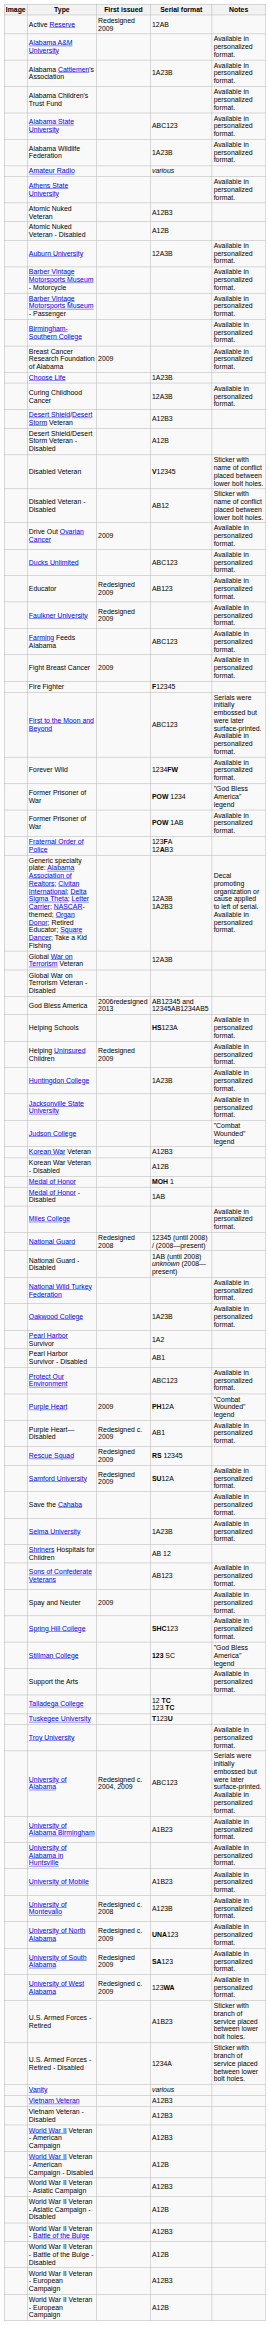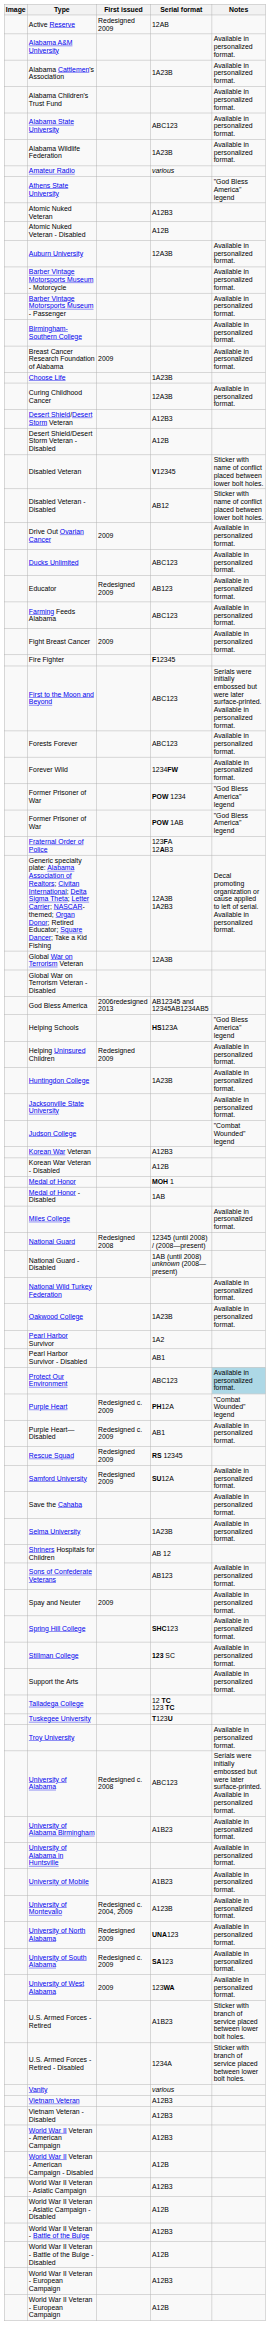 <table class="wikitable sortable">
 <tr>
 <th>Image</th>
 <th>Type</th>
 <th>First issued</th>
 <th>Serial format</th>
 <th>Notes</th>
 </tr>
 <tr>
 <td></td>
 <td>Active <a href='#'>Reserve</a></td>
 <td>Redesigned 2009</td>
 <td>12AB</td>
 <td></td>
 </tr>
 <tr>
 <td></td>
 <td><a href='#'>Alabama A&M University</a></td>
 <td></td>
 <td></td>
 <td>Available in personalized format.</td>
 </tr>
 <tr>
 <td></td>
 <td>Alabama <a href='#'>Cattlemen</a>'s Association</td>
 <td></td>
 <td>1A23B</td>
 <td>Available in personalized format.</td>
 </tr>
 <tr>
 <td></td>
 <td>Alabama Children's Trust Fund</td>
 <td></td>
 <td></td>
 <td>Available in personalized format.</td>
 </tr>
 <tr>
 <td></td>
 <td><a href='#'>Alabama State University</a></td>
 <td></td>
 <td>ABC123</td>
 <td>Available in personalized format.</td>
 </tr>
 <tr>
 <td></td>
 <td>Alabama Wildlife Federation</td>
 <td></td>
 <td>1A23B</td>
 <td>Available in personalized format.</td>
 </tr>
 <tr>
 <td></td>
 <td><a href='#'>Amateur Radio</a></td>
 <td></td>
 <td><em>various</em></td>
 <td></td>
 </tr>
 <tr>
 <td></td>
 <td><a href='#'>Athens State University</a></td>
 <td></td>
 <td></td>
-<td>Available in personalized format.</td>
+<td>"God Bless America" legend</td>
 </tr>
 <tr>
 <td></td>
 <td>Atomic Nuked Veteran</td>
 <td></td>
 <td>A12B3</td>
 <td></td>
 </tr>
 <tr>
 <td></td>
 <td>Atomic Nuked Veteran - Disabled</td>
 <td></td>
 <td>A12B</td>
 <td></td>
 </tr>
 <tr>
 <td></td>
 <td><a href='#'>Auburn University</a></td>
 <td></td>
 <td>12A3B</td>
 <td>Available in personalized format.</td>
 </tr>
 <tr>
 <td></td>
 <td><a href='#'>Barber Vintage Motorsports Museum</a> - Motorcycle</td>
 <td></td>
 <td></td>
 <td>Available in personalized format.</td>
 </tr>
 <tr>
 <td></td>
 <td><a href='#'>Barber Vintage Motorsports Museum</a> - Passenger</td>
 <td></td>
 <td></td>
 <td>Available in personalized format.</td>
 </tr>
 <tr>
 <td></td>
 <td><a href='#'>Birmingham-Southern College</a></td>
 <td></td>
 <td></td>
 <td>Available in personalized format.</td>
 </tr>
 <tr>
 <td></td>
 <td>Breast Cancer Research Foundation of Alabama</td>
 <td>2009</td>
 <td></td>
 <td>Available in personalized format.</td>
 </tr>
 <tr>
 <td></td>
 <td><a href='#'>Choose Life</a></td>
 <td></td>
 <td>1A23B</td>
 <td></td>
 </tr>
 <tr>
 <td></td>
 <td>Curing Childhood Cancer</td>
 <td></td>
 <td>12A3B</td>
 <td>Available in personalized format.</td>
 </tr>
 <tr>
 <td></td>
 <td><a href='#'>Desert Shield</a>/<a href='#'>Desert Storm</a> Veteran</td>
 <td></td>
 <td>A12B3</td>
 <td></td>
 </tr>
 <tr>
 <td></td>
 <td>Desert Shield/Desert Storm Veteran - Disabled</td>
 <td></td>
 <td>A12B</td>
 <td></td>
 </tr>
 <tr>
 <td></td>
 <td>Disabled Veteran</td>
 <td></td>
 <td><strong>V</strong>12345</td>
 <td>Sticker with name of conflict placed between lower bolt holes.</td>
 </tr>
 <tr>
 <td></td>
 <td>Disabled Veteran - Disabled</td>
 <td></td>
 <td>AB12</td>
 <td>Sticker with name of conflict placed between lower bolt holes.</td>
 </tr>
 <tr>
 <td></td>
 <td>Drive Out <a href='#'>Ovarian Cancer</a></td>
 <td>2009</td>
 <td></td>
 <td>Available in personalized format.</td>
 </tr>
 <tr>
 <td></td>
 <td><a href='#'>Ducks Unlimited</a></td>
 <td></td>
 <td>ABC123</td>
 <td>Available in personalized format.</td>
 </tr>
 <tr>
 <td><br></td>
 <td>Educator</td>
 <td>Redesigned 2009</td>
 <td>AB123</td>
 <td>Available in personalized format.</td>
 </tr>
 <tr>
 <td></td>
-<td><a href='#'>Faulkner University</a></td>
-<td>Redesigned 2009</td>
-<td></td>
-<td>Available in personalized format.</td>
-</tr>
-<tr>
-<td></td>
 <td><a href='#'>Farming</a> Feeds Alabama</td>
 <td></td>
 <td>ABC123</td>
 <td>Available in personalized format.</td>
 </tr>
 <tr>
 <td></td>
 <td>Fight Breast Cancer</td>
 <td>2009</td>
 <td></td>
 <td>Available in personalized format.</td>
 </tr>
 <tr>
 <td></td>
 <td>Fire Fighter</td>
 <td></td>
 <td><strong>F</strong>12345</td>
 <td></td>
 </tr>
 <tr>
 <td></td>
 <td><a href='#'>First to the Moon and Beyond</a></td>
 <td></td>
 <td>ABC123</td>
 <td>Serials were initially embossed but were later surface-printed. Available in personalized format.</td>
 </tr>
 <tr>
 <td></td>
+<td>Forests Forever</td>
+<td></td>
+<td>ABC123</td>
+<td>Available in personalized format.</td>
+</tr>
+<tr>
+<td></td>
 <td>Forever Wild</td>
 <td></td>
 <td>1234<strong>FW</strong></td>
 <td>Available in personalized format.</td>
 </tr>
 <tr>
 <td></td>
 <td>Former Prisoner of War</td>
 <td></td>
 <td><strong>POW</strong> 1234</td>
 <td>"God Bless America" legend</td>
 </tr>
 <tr>
 <td></td>
 <td>Former Prisoner of War</td>
 <td></td>
 <td><strong>POW</strong> 1AB</td>
-<td>Available in personalized format.</td>
+<td>"God Bless America" legend</td>
 </tr>
 <tr>
 <td></td>
 <td><a href='#'>Fraternal Order of Police</a></td>
 <td></td>
 <td>123<strong>F</strong>A<br>12<strong>A</strong>B3</td>
 <td></td>
 </tr>
 <tr>
 <td></td>
 <td>Generic specialty plate: <a href='#'>Alabama Association of Realtors</a>; <a href='#'>Civitan International</a>; <a href='#'>Delta Sigma Theta</a>; <a href='#'>Letter Carrier</a>; <a href='#'>NASCAR</a>-themed; <a href='#'>Organ Donor</a>; Retired Educator; <a href='#'>Square Dancer</a>; Take a Kid Fishing</td>
 <td></td>
 <td>12A3B<br>1A2B3</td>
 <td>Decal promoting organization or cause applied to left of serial. Available in personalized format.</td>
 </tr>
 <tr>
 <td></td>
 <td>Global <a href='#'>War on Terrorism</a> Veteran</td>
 <td></td>
 <td>12A3B</td>
 <td></td>
 </tr>
 <tr>
 <td></td>
 <td>Global War on Terrorism Veteran - Disabled</td>
 <td></td>
 <td></td>
 <td></td>
 </tr>
 <tr>
 <td></td>
 <td>God Bless America</td>
 <td>2006redesigned 2013</td>
 <td>AB12345 and 12345AB1234AB5</td>
 <td></td>
 </tr>
 <tr>
 <td></td>
 <td>Helping Schools</td>
 <td></td>
 <td><strong>HS</strong>123A</td>
-<td>Available in personalized format.</td>
+<td>"God Bless America" legend</td>
 </tr>
 <tr>
 <td></td>
 <td>Helping <a href='#'>Uninsured</a> Children</td>
 <td>Redesigned 2009</td>
 <td></td>
 <td>Available in personalized format.</td>
 </tr>
 <tr>
 <td></td>
 <td><a href='#'>Huntingdon College</a></td>
 <td></td>
 <td>1A23B</td>
 <td>Available in personalized format.</td>
 </tr>
 <tr>
 <td></td>
 <td><a href='#'>Jacksonville State University</a></td>
 <td></td>
 <td></td>
 <td>Available in personalized format.</td>
 </tr>
 <tr>
 <td></td>
 <td><a href='#'>Judson College</a></td>
 <td></td>
 <td></td>
 <td>"Combat Wounded" legend</td>
 </tr>
 <tr>
 <td></td>
 <td><a href='#'>Korean War</a> Veteran</td>
 <td></td>
 <td>A12B3</td>
 <td></td>
 </tr>
 <tr>
 <td></td>
 <td>Korean War Veteran - Disabled</td>
 <td></td>
 <td>A12B</td>
 <td></td>
 </tr>
 <tr>
 <td></td>
 <td><a href='#'>Medal of Honor</a></td>
 <td></td>
 <td><strong>MOH</strong> 1</td>
 <td></td>
 </tr>
 <tr>
 <td></td>
 <td><a href='#'>Medal of Honor</a> - Disabled</td>
 <td></td>
 <td>1AB</td>
 <td></td>
 </tr>
 <tr>
 <td></td>
 <td><a href='#'>Miles College</a></td>
 <td></td>
 <td></td>
 <td>Available in personalized format.</td>
 </tr>
 <tr>
 <td></td>
 <td><a href='#'>National Guard</a></td>
 <td>Redesigned 2008</td>
 <td>12345 (until 2008)<br>/ (2008—present)</td>
 <td></td>
 </tr>
 <tr>
 <td></td>
 <td>National Guard - Disabled</td>
 <td></td>
 <td>1AB (until 2008)<br><em>unknown</em> (2008—present)</td>
 <td></td>
 </tr>
 <tr>
 <td></td>
 <td><a href='#'>National Wild Turkey Federation</a></td>
 <td></td>
 <td></td>
 <td>Available in personalized format.</td>
 </tr>
 <tr>
 <td></td>
 <td><a href='#'>Oakwood College</a></td>
 <td></td>
 <td>1A23B</td>
 <td>Available in personalized format.</td>
 </tr>
 <tr>
 <td></td>
 <td><a href='#'>Pearl Harbor</a> Survivor</td>
 <td></td>
 <td>1A2</td>
 <td></td>
 </tr>
 <tr>
 <td></td>
 <td>Pearl Harbor Survivor - Disabled</td>
 <td></td>
 <td>AB1</td>
 <td></td>
 </tr>
 <tr>
 <td></td>
 <td><a href='#'>Protect Our Environment</a></td>
 <td></td>
 <td>ABC123</td>
-<td>Available in personalized format.</td>
+<td style="background: lightblue;">Available in personalized format.</td>
 </tr>
 <tr>
 <td></td>
 <td><a href='#'>Purple Heart</a></td>
-<td>2009</td>
+<td>Redesigned c. 2009</td>
 <td><strong>PH</strong>12A</td>
 <td>"Combat Wounded" legend</td>
 </tr>
 <tr>
 <td></td>
 <td>Purple Heart—Disabled</td>
 <td>Redesigned c. 2009</td>
 <td>AB1</td>
 <td>Available in personalized format.</td>
 </tr>
 <tr>
 <td></td>
 <td><a href='#'>Rescue Squad</a></td>
 <td>Redesigned 2009</td>
 <td><strong>RS</strong> 12345</td>
 <td></td>
 </tr>
 <tr>
 <td></td>
 <td><a href='#'>Samford University</a></td>
 <td>Redesigned 2009</td>
 <td><strong>SU</strong>12A</td>
 <td>Available in personalized format.</td>
 </tr>
 <tr>
 <td></td>
 <td>Save the <a href='#'>Cahaba</a></td>
 <td></td>
 <td></td>
 <td>Available in personalized format.</td>
 </tr>
 <tr>
 <td></td>
 <td><a href='#'>Selma University</a></td>
 <td></td>
 <td>1A23B</td>
 <td>Available in personalized format.</td>
 </tr>
 <tr>
 <td></td>
 <td><a href='#'>Shriners</a> Hospitals for Children</td>
 <td></td>
 <td>AB 12</td>
 <td></td>
 </tr>
 <tr>
 <td></td>
 <td><a href='#'>Sons of Confederate Veterans</a></td>
 <td></td>
 <td>AB123</td>
 <td>Available in personalized format.</td>
 </tr>
 <tr>
 <td></td>
 <td>Spay and Neuter</td>
 <td>2009</td>
 <td></td>
 <td>Available in personalized format.</td>
 </tr>
 <tr>
 <td></td>
 <td><a href='#'>Spring Hill College</a></td>
 <td></td>
 <td><strong>SHC</strong>123</td>
 <td>Available in personalized format.</td>
 </tr>
 <tr>
 <td></td>
 <td><a href='#'>Stillman College</a></td>
 <td></td>
 <td><strong>123</strong> SC</td>
-<td>"God Bless America" legend</td>
+<td>Available in personalized format.</td>
 </tr>
 <tr>
 <td></td>
 <td>Support the Arts</td>
 <td></td>
 <td></td>
 <td>Available in personalized format.</td>
 </tr>
 <tr>
 <td></td>
 <td><a href='#'>Talladega College</a></td>
 <td></td>
 <td>12 <strong>TC</strong><br>123 <strong>TC</strong></td>
 <td></td>
 </tr>
 <tr>
 <td></td>
 <td><a href='#'>Tuskegee University</a></td>
 <td></td>
 <td><strong>T</strong>123<strong>U</strong></td>
 <td></td>
 </tr>
 <tr>
 <td></td>
 <td><a href='#'>Troy University</a></td>
 <td></td>
 <td></td>
 <td>Available in personalized format.</td>
 </tr>
 <tr>
 <td></td>
 <td><a href='#'>University of Alabama</a></td>
-<td>Redesigned c. 2004, 2009</td>
+<td>Redesigned c. 2008</td>
 <td>ABC123</td>
 <td>Serials were initially embossed but were later surface-printed. Available in personalized format.</td>
 </tr>
 <tr>
 <td></td>
 <td><a href='#'>University of Alabama Birmingham</a></td>
 <td></td>
 <td>A1B23</td>
 <td>Available in personalized format.</td>
 </tr>
 <tr>
 <td></td>
 <td><a href='#'>University of Alabama in Huntsville</a></td>
 <td></td>
 <td></td>
 <td>Available in personalized format.</td>
 </tr>
 <tr>
 <td></td>
 <td><a href='#'>University of Mobile</a></td>
 <td></td>
 <td>A1B23</td>
 <td>Available in personalized format.</td>
 </tr>
 <tr>
 <td></td>
 <td><a href='#'>University of Montevallo</a></td>
-<td>Redesigned c. 2008</td>
+<td>Redesigned c. 2004, 2009</td>
 <td>A123B</td>
 <td>Available in personalized format.</td>
 </tr>
 <tr>
 <td></td>
 <td><a href='#'>University of North Alabama</a></td>
-<td>Redesigned c. 2009</td>
+<td>Redesigned 2009</td>
 <td><strong>UNA</strong>123</td>
 <td>Available in personalized format.</td>
 </tr>
 <tr>
 <td></td>
 <td><a href='#'>University of South Alabama</a></td>
-<td>Redesigned 2009</td>
+<td>Redesigned c. 2009</td>
 <td><strong>SA</strong>123</td>
 <td>Available in personalized format.</td>
 </tr>
 <tr>
 <td></td>
 <td><a href='#'>University of West Alabama</a></td>
-<td>Redesigned c. 2009</td>
+<td>2009</td>
 <td>123<strong>WA</strong></td>
 <td>Available in personalized format.</td>
 </tr>
 <tr>
 <td></td>
 <td>U.S. Armed Forces - Retired</td>
 <td></td>
 <td>A1B23</td>
 <td>Sticker with branch of service placed between lower bolt holes.</td>
 </tr>
 <tr>
 <td></td>
 <td>U.S. Armed Forces - Retired - Disabled</td>
 <td></td>
 <td>1234A</td>
 <td>Sticker with branch of service placed between lower bolt holes.</td>
 </tr>
 <tr>
 <td></td>
 <td><a href='#'>Vanity</a></td>
 <td></td>
 <td><em>various</em></td>
 <td></td>
 </tr>
 <tr>
 <td></td>
 <td><a href='#'>Vietnam Veteran</a></td>
 <td></td>
 <td>A12B3</td>
 <td></td>
 </tr>
 <tr>
 <td></td>
 <td>Vietnam Veteran - Disabled</td>
 <td></td>
 <td>A12B3</td>
 <td></td>
 </tr>
 <tr>
 <td></td>
 <td><a href='#'>World War II</a> Veteran - American Campaign</td>
 <td></td>
 <td>A12B3</td>
 <td></td>
 </tr>
 <tr>
 <td></td>
 <td><a href='#'>World War II</a> Veteran - American Campaign - Disabled</td>
 <td></td>
 <td>A12B</td>
 <td></td>
 </tr>
 <tr>
 <td></td>
 <td>World War II Veteran - Asiatic Campaign</td>
 <td></td>
 <td>A12B3</td>
 <td></td>
 </tr>
 <tr>
 <td></td>
 <td>World War II Veteran - Asiatic Campaign - Disabled</td>
 <td></td>
 <td>A12B</td>
 <td></td>
 </tr>
 <tr>
 <td></td>
 <td>World War II Veteran - <a href='#'>Battle of the Bulge</a></td>
 <td></td>
 <td>A12B3</td>
 <td></td>
 </tr>
 <tr>
 <td></td>
 <td>World War II Veteran - Battle of the Bulge - Disabled</td>
 <td></td>
 <td>A12B</td>
 <td></td>
 </tr>
 <tr>
 <td></td>
 <td>World War II Veteran - European Campaign</td>
 <td></td>
 <td>A12B3</td>
 <td></td>
 </tr>
 <tr>
 <td></td>
 <td>World War II Veteran - European Campaign</td>
 <td></td>
 <td>A12B</td>
 <td></td>
 </tr>
 </table>
